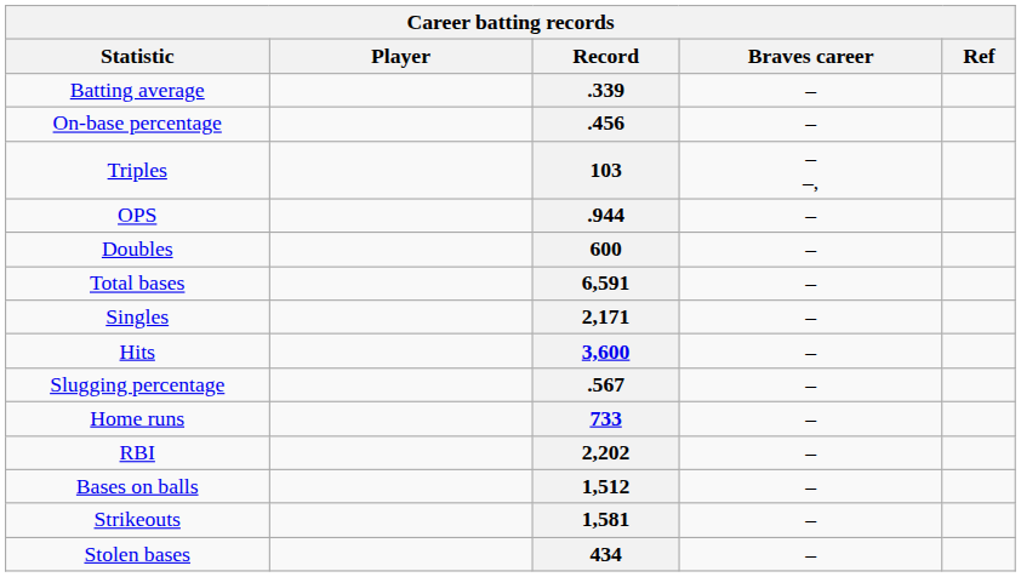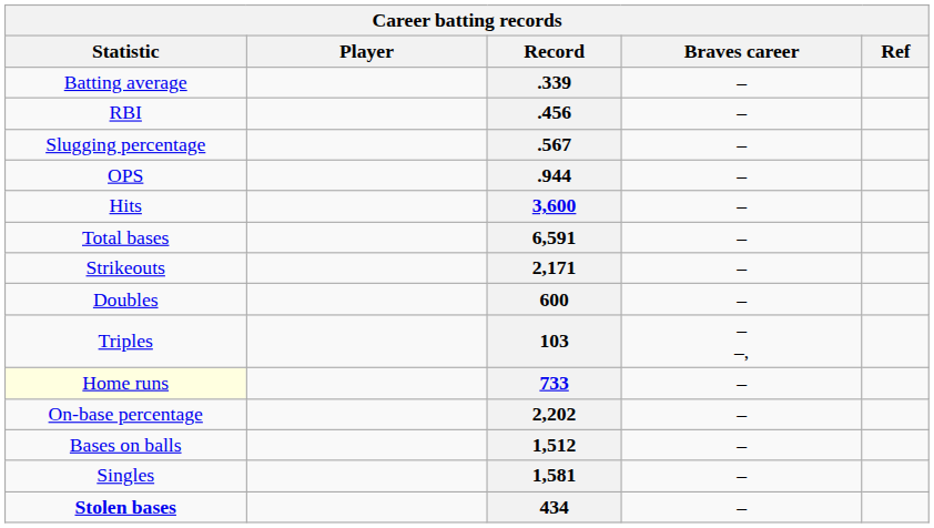 <table class="sortable wikitable" style="text-align:center" width="60%">
 <tr>
 <th colspan=5>Career batting records</th>
 </tr>
 <tr>
 <th scope="col" width=18%>Statistic</th>
 <th scope="col" width=18%>Player</th>
 <th scope="col" width=10% class="unsortable">Record</th>
 <th scope="col" width=18%>Braves career</th>
 <th scope="col" width=5% class="unsortable">Ref</th>
 </tr>
 <tr>
 <td><a href='#'>Batting average</a></td>
 <td></td>
 <th scope="row">.339</th>
 <td>–</td>
 <td></td>
 </tr>
 <tr>
-<td><a href='#'>On-base percentage</a></td>
+<td><a href='#'>RBI</a></td>
 <td></td>
 <th scope="row">.456</th>
+<td>–</td>
+<td></td>
+</tr>
+<tr>
+<td><a href='#'>Slugging percentage</a></td>
+<td></td>
+<th scope="row">.567</th>
+<td>–</td>
+<td></td>
+</tr>
+<tr>
+<td><a href='#'>OPS</a></td>
+<td></td>
+<th scope="row">.944</th>
+<td>–</td>
+<td></td>
+</tr>
+<tr>
+<td><a href='#'>Hits</a></td>
+<td></td>
+<th scope="row"><a href='#'>3,600</a></th>
+<td>–</td>
+<td></td>
+</tr>
+<tr>
+<td><a href='#'>Total bases</a></td>
+<td></td>
+<th scope="row">6,591</th>
+<td>–</td>
+<td></td>
+</tr>
+<tr>
+<td><a href='#'>Strikeouts</a></td>
+<td></td>
+<th scope="row">2,171</th>
+<td>–</td>
+<td></td>
+</tr>
+<tr>
+<td><a href='#'>Doubles</a></td>
+<td></td>
+<th scope="row">600</th>
 <td>–</td>
 <td></td>
 </tr>
 <tr>
 <td><a href='#'>Triples</a></td>
 <td></td>
 <th scope="row">103</th>
 <td>–<br>–, </td>
 <td></td>
 </tr>
 <tr>
-<td><a href='#'>OPS</a></td>
-<td></td>
-<th scope="row">.944</th>
-<td>–</td>
-<td></td>
-</tr>
-<tr>
-<td><a href='#'>Doubles</a></td>
-<td></td>
-<th scope="row">600</th>
-<td>–</td>
-<td></td>
-</tr>
-<tr>
-<td><a href='#'>Total bases</a></td>
-<td></td>
-<th scope="row">6,591</th>
-<td>–</td>
-<td></td>
-</tr>
-<tr>
-<td><a href='#'>Singles</a></td>
-<td></td>
-<th scope="row">2,171</th>
-<td>–</td>
-<td></td>
-</tr>
-<tr>
-<td><a href='#'>Hits</a></td>
-<td></td>
-<th scope="row"><a href='#'>3,600</a></th>
-<td>–</td>
-<td></td>
-</tr>
-<tr>
-<td><a href='#'>Slugging percentage</a></td>
-<td></td>
-<th scope="row">.567</th>
-<td>–</td>
-<td></td>
-</tr>
-<tr>
-<td><a href='#'>Home runs</a></td>
+<td style="background: lightyellow;"><a href='#'>Home runs</a></td>
 <td></td>
 <th scope="row"><a href='#'>733</a></th>
 <td>–</td>
 <td></td>
 </tr>
 <tr>
-<td><a href='#'>RBI</a></td>
+<td><a href='#'>On-base percentage</a></td>
 <td></td>
 <th scope="row">2,202</th>
 <td>–</td>
 <td></td>
 </tr>
 <tr>
 <td><a href='#'>Bases on balls</a></td>
 <td></td>
 <th scope="row">1,512</th>
 <td>–</td>
 <td></td>
 </tr>
 <tr>
-<td><a href='#'>Strikeouts</a></td>
+<td><a href='#'>Singles</a></td>
 <td></td>
 <th scope="row">1,581</th>
 <td>–</td>
 <td></td>
 </tr>
 <tr>
-<td><a href='#'>Stolen bases</a></td>
+<td><strong><a href='#'>Stolen bases</a></strong></td>
 <td></td>
 <th scope="row">434</th>
 <td>–</td>
 <td></td>
 </tr>
 </table>
